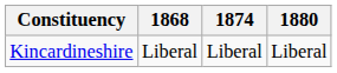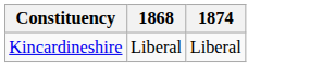 <table class="wikitable">
 <tr>
 <th>Constituency</th>
 <th>1868</th>
 <th>1874</th>
-<th>1880</th>
 </tr>
 <tr>
 <td><a href='#'>Kincardineshire</a></td>
 <td>Liberal</td>
 <td>Liberal</td>
-<td>Liberal</td>
 </tr>
 </table>
